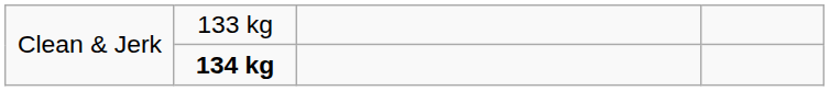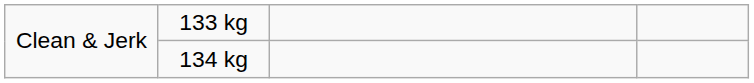 <table class = "wikitable" style="text-align:center;">
 <tr>
 <td rowspan=2 width=100>Clean & Jerk</td>
 <td width=70>133 kg</td>
 <td width=250 align=left></td>
 <td width=70></td>
 </tr>
 <tr>
-<td><strong>134 kg</strong></td>
+<td>134 kg</td>
 <td align=left></td>
 <td></td>
 </tr>
 </table>
